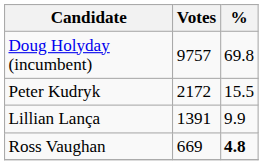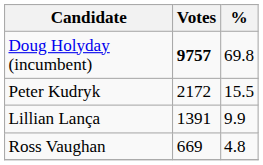 <table class="wikitable">
 <tr>
 <th bgcolor="#DDDDFF" width="150px">Candidate</th>
 <th bgcolor="#DDDDFF">Votes</th>
 <th bgcolor="#DDDDFF">%</th>
 </tr>
 <tr>
 <td><a href='#'>Doug Holyday</a> (incumbent)</td>
-<td>9757</td>
+<td><strong>9757</strong></td>
 <td>69.8</td>
 </tr>
 <tr>
 <td>Peter Kudryk</td>
 <td>2172</td>
 <td>15.5</td>
 </tr>
 <tr>
 <td>Lillian Lança</td>
 <td>1391</td>
 <td>9.9</td>
 </tr>
 <tr>
 <td>Ross Vaughan</td>
 <td>669</td>
-<td><strong>4.8</strong></td>
+<td>4.8</td>
 </tr>
 <tr>
 </tr>
 </table>
